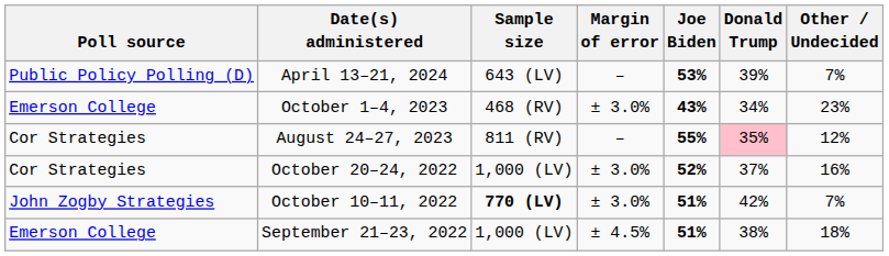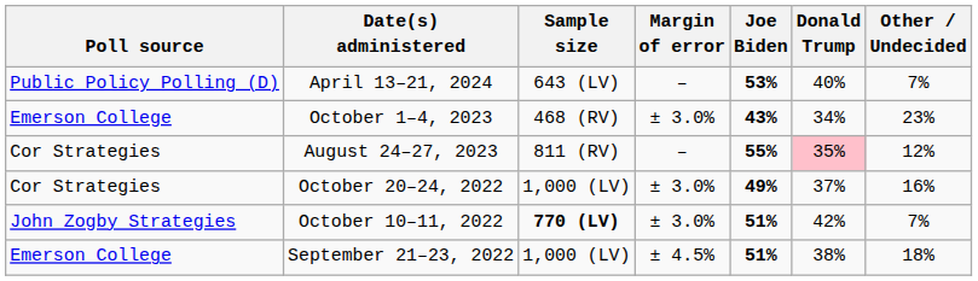 <table class="wikitable sortable mw-datatable" style="font-size:90%;text-align:center;line-height:17px">
 <tr valign=bottom>
 <th>Poll source</th>
 <th>Date(s)<br>administered</th>
 <th>Sample<br>size</th>
 <th>Margin<br>of error</th>
 <th class="unsortable">Joe<br>Biden<br></th>
 <th class="unsortable">Donald<br>Trump<br></th>
 <th class="unsortable">Other /<br>Undecided</th>
 </tr>
 <tr>
 <td style="text-align:left;"><a href='#'>Public Policy Polling (D)</a></td>
 <td data-sort-value="2024-05-01">April 13–21, 2024</td>
 <td>643 (LV)</td>
 <td>–</td>
 <td style="color:black;background-color:"><strong>53%</strong></td>
-<td>39%</td>
+<td>40%</td>
 <td>7%</td>
 </tr>
 <tr>
 <td style="text-align:left;"><a href='#'>Emerson College</a></td>
 <td data-sort-value=2022-10-24>October 1–4, 2023</td>
 <td>468 (RV)</td>
 <td>± 3.0%</td>
 <td style="color:black;background-color:"><strong>43%</strong></td>
 <td>34%</td>
 <td>23%</td>
 </tr>
 <tr>
 <td style="text-align:left;">Cor Strategies</td>
 <td>August 24–27, 2023</td>
 <td>811 (RV)</td>
 <td>–</td>
 <td style="color:black;background-color:"><strong>55%</strong></td>
 <td style="background: pink;">35%</td>
 <td>12%</td>
 </tr>
 <tr>
 <td style="text-align:left;">Cor Strategies</td>
 <td data-sort-value=2022-10-24>October 20–24, 2022</td>
 <td>1,000 (LV)</td>
 <td>± 3.0%</td>
-<td style="color:black;background-color:"><strong>52%</strong></td>
+<td style="color:black;background-color:"><strong>49%</strong></td>
 <td>37%</td>
 <td>16%</td>
 </tr>
 <tr>
 <td style="text-align:left;"><a href='#'>John Zogby Strategies</a></td>
 <td data-sort-value=2022-10-11>October 10–11, 2022</td>
 <td><strong>770 (LV)</strong></td>
 <td>± 3.0%</td>
 <td style="color:black;background-color:"><strong>51%</strong></td>
 <td>42%</td>
 <td>7%</td>
 </tr>
 <tr>
 <td style="text-align:left;"><a href='#'>Emerson College</a></td>
 <td data-sort-value=2022-09-23>September 21–23, 2022</td>
 <td>1,000 (LV)</td>
 <td>± 4.5%</td>
 <td style="color:black;background-color:"><strong>51%</strong></td>
 <td>38%</td>
 <td>18%</td>
 </tr>
 </table>
